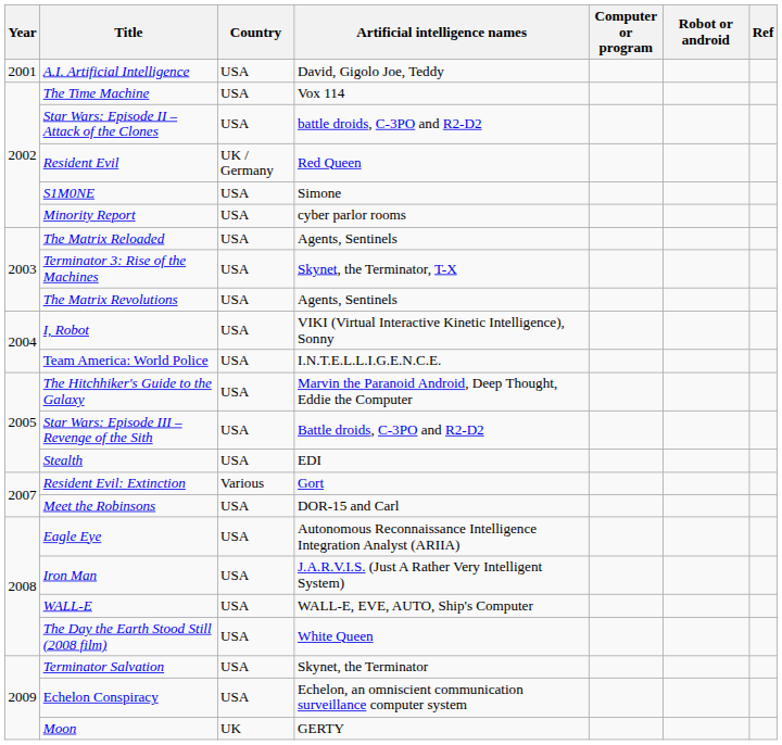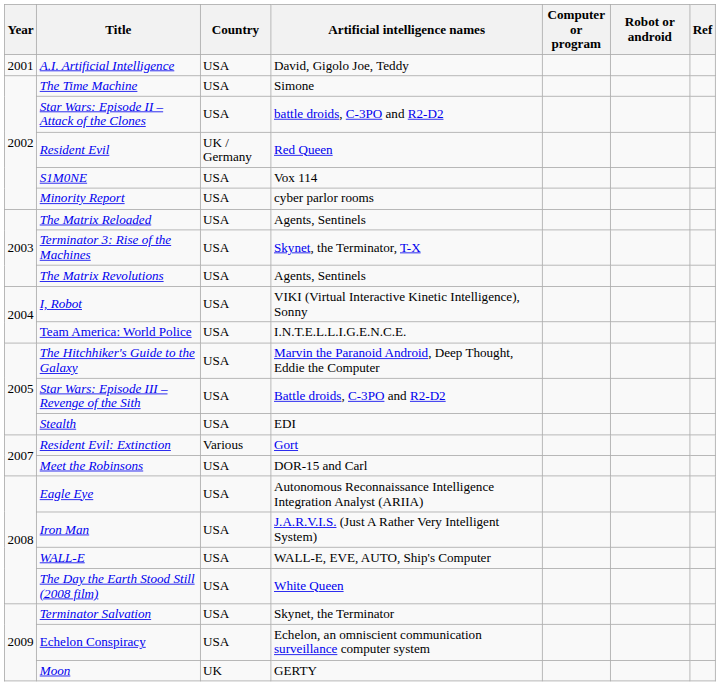 <table class="wikitable sortable mw-datatable">
 <tr>
 <th>Year</th>
 <th>Title</th>
 <th>Country</th>
 <th>Artificial intelligence names</th>
 <th>Computer<br>or program</th>
 <th>Robot or android</th>
 <th>Ref</th>
 </tr>
 <tr>
 <td>2001</td>
 <td><em><a href='#'>A.I. Artificial Intelligence</a></em></td>
 <td>USA</td>
 <td>David, Gigolo Joe, Teddy</td>
 <td></td>
 <td></td>
 <td></td>
 </tr>
 <tr>
 <td rowspan="5">2002</td>
 <td><em><a href='#'>The Time Machine</a></em></td>
 <td>USA</td>
-<td>Vox 114</td>
+<td>Simone</td>
 <td></td>
 <td></td>
 <td></td>
 </tr>
 <tr>
 <td><em><a href='#'>Star Wars: Episode II – Attack of the Clones</a></em></td>
 <td>USA</td>
 <td><a href='#'>battle droids</a>, <a href='#'>C-3PO</a> and <a href='#'>R2-D2</a></td>
 <td></td>
 <td></td>
 <td></td>
 </tr>
 <tr>
 <td><em><a href='#'>Resident Evil</a></em></td>
 <td>UK / Germany</td>
 <td><a href='#'>Red Queen</a></td>
 <td></td>
 <td></td>
 <td></td>
 </tr>
 <tr>
 <td><em><a href='#'>S1M0NE</a></em></td>
 <td>USA</td>
-<td>Simone</td>
+<td>Vox 114</td>
 <td></td>
 <td></td>
 <td></td>
 </tr>
 <tr>
 <td><em><a href='#'>Minority Report</a></em></td>
 <td>USA</td>
 <td>cyber parlor rooms</td>
 <td></td>
 <td></td>
 </tr>
 <tr>
 <td rowspan="3">2003</td>
 <td><em><a href='#'>The Matrix Reloaded</a></em></td>
 <td>USA</td>
 <td>Agents, Sentinels</td>
 <td></td>
 <td></td>
 <td></td>
 </tr>
 <tr>
 <td><em><a href='#'>Terminator 3: Rise of the Machines</a></em></td>
 <td>USA</td>
 <td><a href='#'>Skynet</a>, the Terminator, <a href='#'>T-X</a></td>
 <td></td>
 <td></td>
 <td></td>
 </tr>
 <tr>
 <td><em><a href='#'>The Matrix Revolutions</a></em></td>
 <td>USA</td>
 <td>Agents, Sentinels</td>
 <td></td>
 <td></td>
 <td></td>
 </tr>
 <tr>
 <td rowspan="2">2004</td>
 <td><em><a href='#'>I, Robot</a></em></td>
 <td>USA</td>
 <td>VIKI (Virtual Interactive Kinetic Intelligence), Sonny</td>
 <td></td>
 <td></td>
 <td></td>
 </tr>
 <tr>
 <td><a href='#'>Team America: World Police</a></td>
 <td>USA</td>
 <td>I.N.T.E.L.L.I.G.E.N.C.E.</td>
 <td></td>
 <td></td>
 <td></td>
 </tr>
 <tr>
 <td rowspan="3">2005</td>
 <td><em><a href='#'>The Hitchhiker's Guide to the Galaxy</a></em></td>
 <td>USA</td>
 <td><a href='#'>Marvin the Paranoid Android</a>, Deep Thought, Eddie the Computer</td>
 <td></td>
 <td></td>
 <td></td>
 </tr>
 <tr>
 <td><em><a href='#'>Star Wars: Episode III – Revenge of the Sith</a></em></td>
 <td>USA</td>
 <td><a href='#'>Battle droids</a>, <a href='#'>C-3PO</a> and <a href='#'>R2-D2</a></td>
 <td></td>
 <td></td>
 <td></td>
 </tr>
 <tr>
 <td><em><a href='#'>Stealth</a></em></td>
 <td>USA</td>
 <td>EDI</td>
 <td></td>
 <td></td>
 <td></td>
 </tr>
 <tr>
 <td rowspan="2">2007</td>
 <td><em><a href='#'>Resident Evil: Extinction</a></em></td>
 <td>Various</td>
 <td><a href='#'>Gort</a></td>
 <td></td>
 <td></td>
 <td></td>
 </tr>
 <tr>
 <td><em><a href='#'>Meet the Robinsons</a></em></td>
 <td>USA</td>
 <td>DOR-15 and Carl</td>
 <td></td>
 <td></td>
 <td></td>
 </tr>
 <tr>
 <td rowspan="4">2008</td>
 <td><em><a href='#'>Eagle Eye</a></em></td>
 <td>USA</td>
 <td>Autonomous Reconnaissance Intelligence Integration Analyst (ARIIA)</td>
 <td></td>
 <td></td>
 <td></td>
 </tr>
 <tr>
 <td><em><a href='#'>Iron Man</a></em></td>
 <td>USA</td>
 <td><a href='#'>J.A.R.V.I.S.</a> (Just A Rather Very Intelligent System)</td>
 <td></td>
 <td></td>
 <td></td>
 </tr>
 <tr>
 <td><em><a href='#'>WALL-E</a></em></td>
 <td>USA</td>
 <td>WALL-E, EVE, AUTO, Ship's Computer</td>
 <td></td>
 <td></td>
 <td></td>
 </tr>
 <tr>
 <td><em><a href='#'>The Day the Earth Stood Still (2008 film)</a></em></td>
 <td>USA</td>
 <td><a href='#'>White Queen</a></td>
 <td></td>
 <td></td>
 <td></td>
 </tr>
 <tr>
 <td rowspan="3">2009</td>
 <td><em><a href='#'>Terminator Salvation</a></em></td>
 <td>USA</td>
 <td>Skynet, the Terminator</td>
 <td></td>
 <td></td>
 <td></td>
 </tr>
 <tr>
 <td><a href='#'>Echelon Conspiracy</a></td>
 <td>USA</td>
 <td>Echelon, an omniscient communication <a href='#'>surveillance</a> computer system</td>
 <td></td>
 <td></td>
 <td></td>
 </tr>
 <tr>
 <td><em><a href='#'>Moon</a></em></td>
 <td>UK</td>
 <td>GERTY</td>
 <td></td>
 <td></td>
 <td></td>
 </tr>
 </table>
